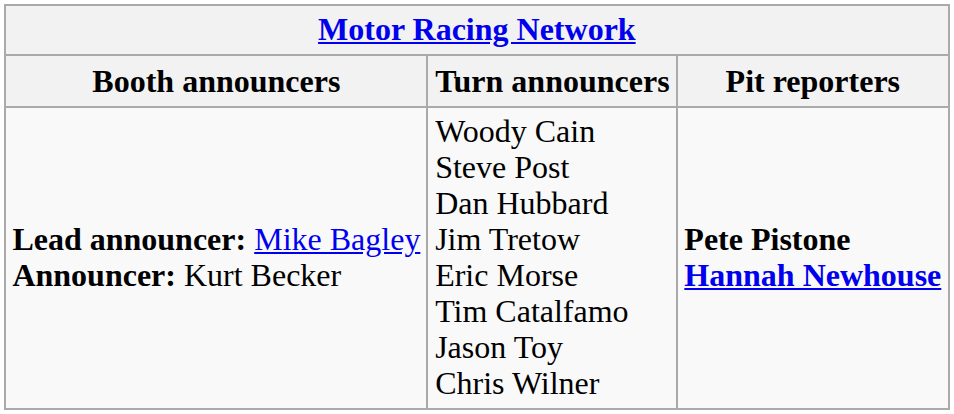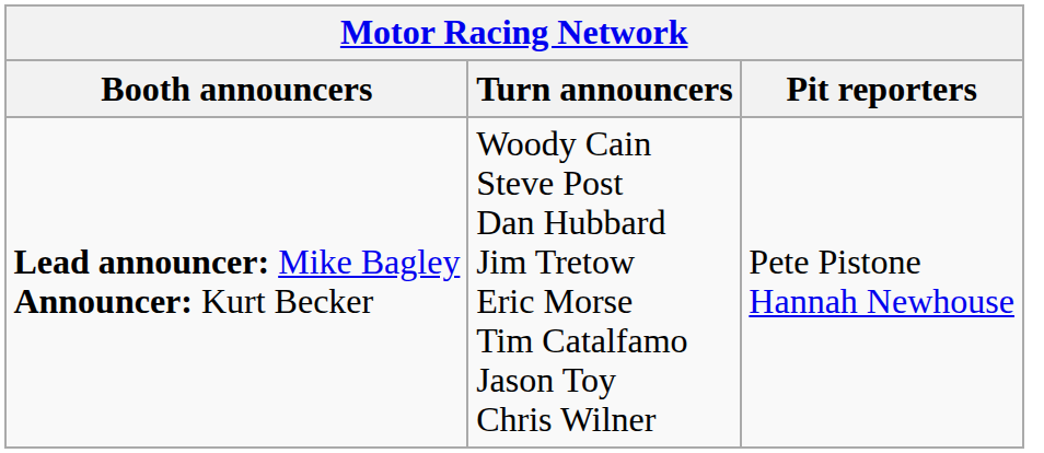 <table class="wikitable">
 <tr>
 <th colspan="3"><a href='#'>Motor Racing Network</a></th>
 </tr>
 <tr>
 <th>Booth announcers</th>
 <th>Turn announcers</th>
 <th>Pit reporters</th>
 </tr>
 <tr>
 <td><strong>Lead announcer:</strong> <a href='#'>Mike Bagley</a><br><strong>Announcer:</strong> Kurt Becker</td>
 <td>Woody Cain<br>Steve Post<br>Dan Hubbard<br>Jim Tretow<br>Eric Morse<br>Tim Catalfamo<br>Jason Toy<br>Chris Wilner</td>
-<td><strong>Pete Pistone<br><a href='#'>Hannah Newhouse</a></strong></td>
+<td>Pete Pistone<br><a href='#'>Hannah Newhouse</a></td>
 </tr>
 </table>
